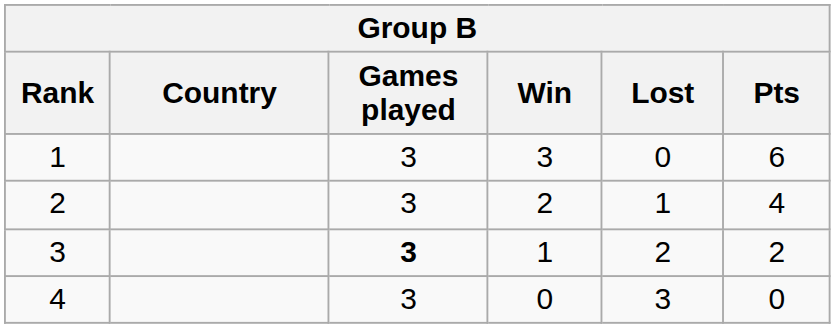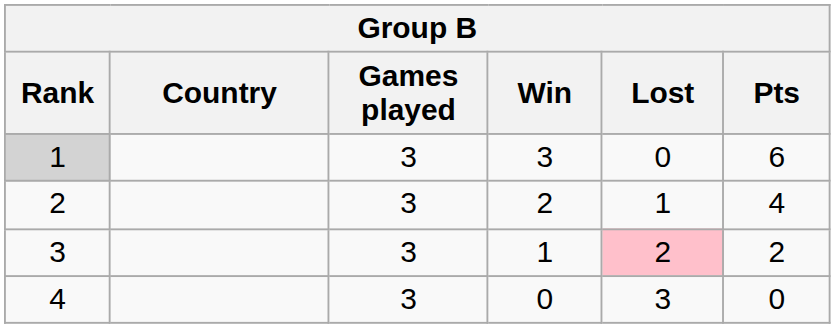 <table class="wikitable" style= "text-align: center; Width:50%">
 <tr>
 <th colspan= 6>Group B</th>
 </tr>
 <tr>
 <th width=2%>Rank</th>
 <th width=10%>Country</th>
 <th width=5%>Games <br> played</th>
 <th width=5%>Win</th>
 <th width=5%>Lost</th>
 <th width=5%>Pts</th>
 </tr>
 <tr>
-<td>1</td>
+<td style="background: lightgrey;">1</td>
 <td style= "text-align: left"></td>
 <td>3</td>
 <td>3</td>
 <td>0</td>
 <td>6</td>
 </tr>
 <tr>
 <td>2</td>
 <td style= "text-align: left"></td>
 <td>3</td>
 <td>2</td>
 <td>1</td>
 <td>4</td>
 </tr>
 <tr>
 <td>3</td>
 <td style= "text-align: left"></td>
-<td><strong>3</strong></td>
+<td>3</td>
 <td>1</td>
-<td>2</td>
+<td style="background: pink;">2</td>
 <td>2</td>
 </tr>
 <tr>
 <td>4</td>
 <td style= "text-align: left"></td>
 <td>3</td>
 <td>0</td>
 <td>3</td>
 <td>0</td>
 </tr>
 </table>
